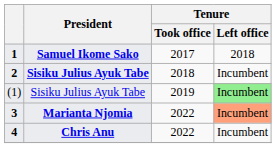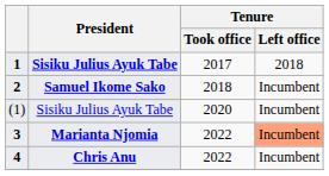 <table class="wikitable" style="font-size:85%;text-align:center">
 <tr>
 <th rowspan=2></th>
 <th rowspan=2>President</th>
 <th colspan=2>Tenure</th>
 </tr>
 <tr>
 <th>Took office</th>
 <th>Left office</th>
 </tr>
 <tr>
 <td style="background:#EAECF0"><strong>1</strong></td>
-<td style="background:#EAECF0"><strong><a href='#'>Samuel Ikome Sako</a></strong></td>
+<td style="background:#EAECF0"><strong><a href='#'>Sisiku Julius Ayuk Tabe</a></strong></td>
 <td> 2017</td>
 <td> 2018</td>
 </tr>
 <tr>
 <td style="background:#EAECF0"><strong>2</strong></td>
-<td style="background:#EAECF0"><strong><a href='#'>Sisiku Julius Ayuk Tabe</a></strong></td>
+<td style="background:#EAECF0"><strong><a href='#'>Samuel Ikome Sako</a></strong></td>
 <td> 2018</td>
 <td>Incumbent</td>
 </tr>
 <tr>
 <td style="background:#EAECF0">(1)</td>
 <td style="background:#EAECF0"><a href='#'>Sisiku Julius Ayuk Tabe</a></td>
-<td> 2019</td>
-<td style="background: lightgreen;">Incumbent</td>
+<td> 2020</td>
+<td>Incumbent</td>
 </tr>
 <tr>
 <td style="background:#EAECF0"><strong>3</strong></td>
 <td style="background:#EAECF0"><strong><a href='#'>Marianta Njomia</a></strong></td>
 <td> 2022</td>
 <td style="background: lightsalmon;">Incumbent</td>
 </tr>
 <tr>
 <td style="background:#EAECF0"><strong>4</strong></td>
 <td style="background:#EAECF0"><strong><a href='#'>Chris Anu</a></strong></td>
 <td> 2022</td>
 <td>Incumbent</td>
 </tr>
 <tr>
 </tr>
 </table>
